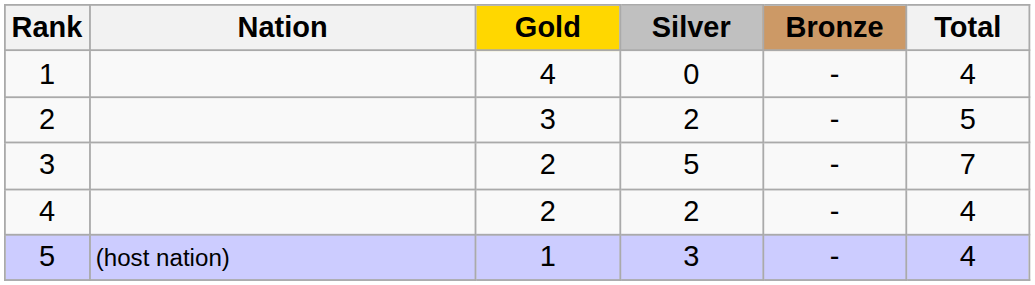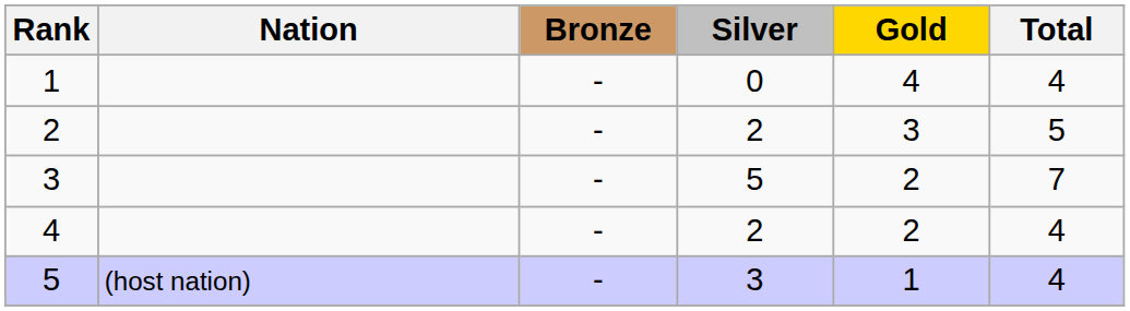 <table class="wikitable sortable plainrowheaders" style="text-align:center;max-width: 15cm; width: 100%">
 <tr>
 <th scope="col" style="width:4%">Rank</th>
 <th scope="col">Nation</th>
+<th scope="col" style="background-color:#cc9966; width:14%;">Bronze</th>
+<th scope="col" style="background-color:silver; width:14%;">Silver</th>
 <th scope="col" style="background-color:gold; width:14%;">Gold</th>
-<th scope="col" style="background-color:silver; width:14%;">Silver</th>
-<th scope="col" style="background-color:#cc9966; width:14%;">Bronze</th>
 <th scope="col" style="width:12%;">Total</th>
 </tr>
 <tr>
 <td>1</td>
 <td align=left></td>
+<td>-</td>
+<td>0</td>
 <td>4</td>
-<td>0</td>
-<td>-</td>
 <td>4</td>
 </tr>
 <tr>
 <td>2</td>
 <td align=left></td>
+<td>-</td>
+<td>2</td>
 <td>3</td>
-<td>2</td>
-<td>-</td>
 <td>5</td>
 </tr>
 <tr>
 <td>3</td>
 <td align=left></td>
+<td>-</td>
+<td>5</td>
 <td>2</td>
-<td>5</td>
-<td>-</td>
 <td>7</td>
 </tr>
 <tr>
 <td>4</td>
 <td align=left></td>
+<td>-</td>
 <td>2</td>
 <td>2</td>
-<td>-</td>
 <td>4</td>
 </tr>
 <tr style="background:#ccccff">
 <td>5</td>
 <td align=left> <small>(host nation)</small></td>
+<td>-</td>
+<td>3</td>
 <td>1</td>
-<td>3</td>
-<td>-</td>
 <td>4</td>
 </tr>
 </table>
